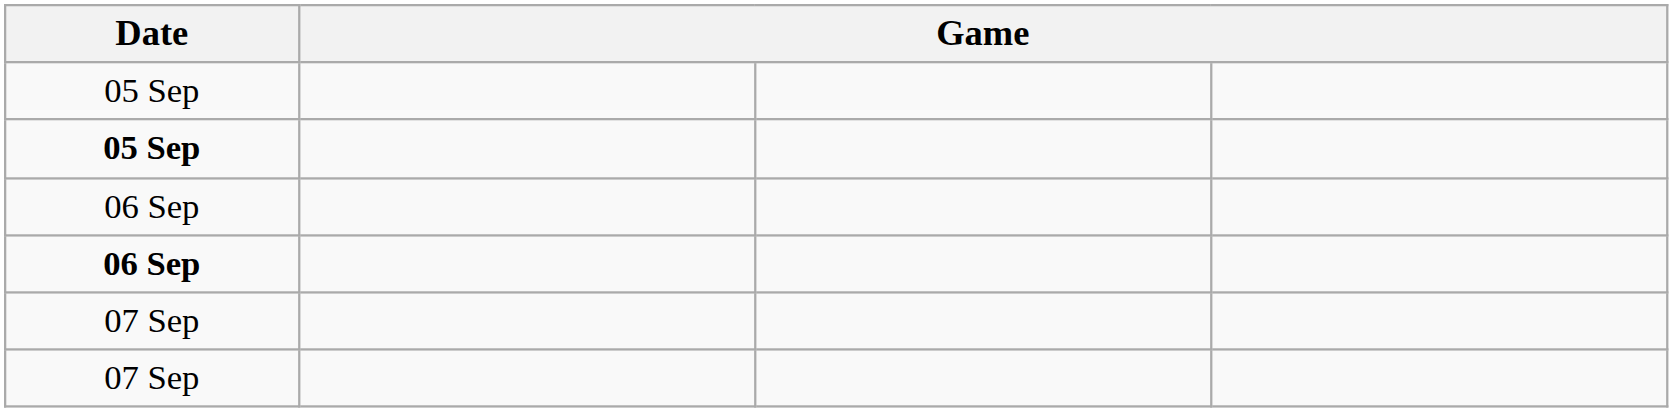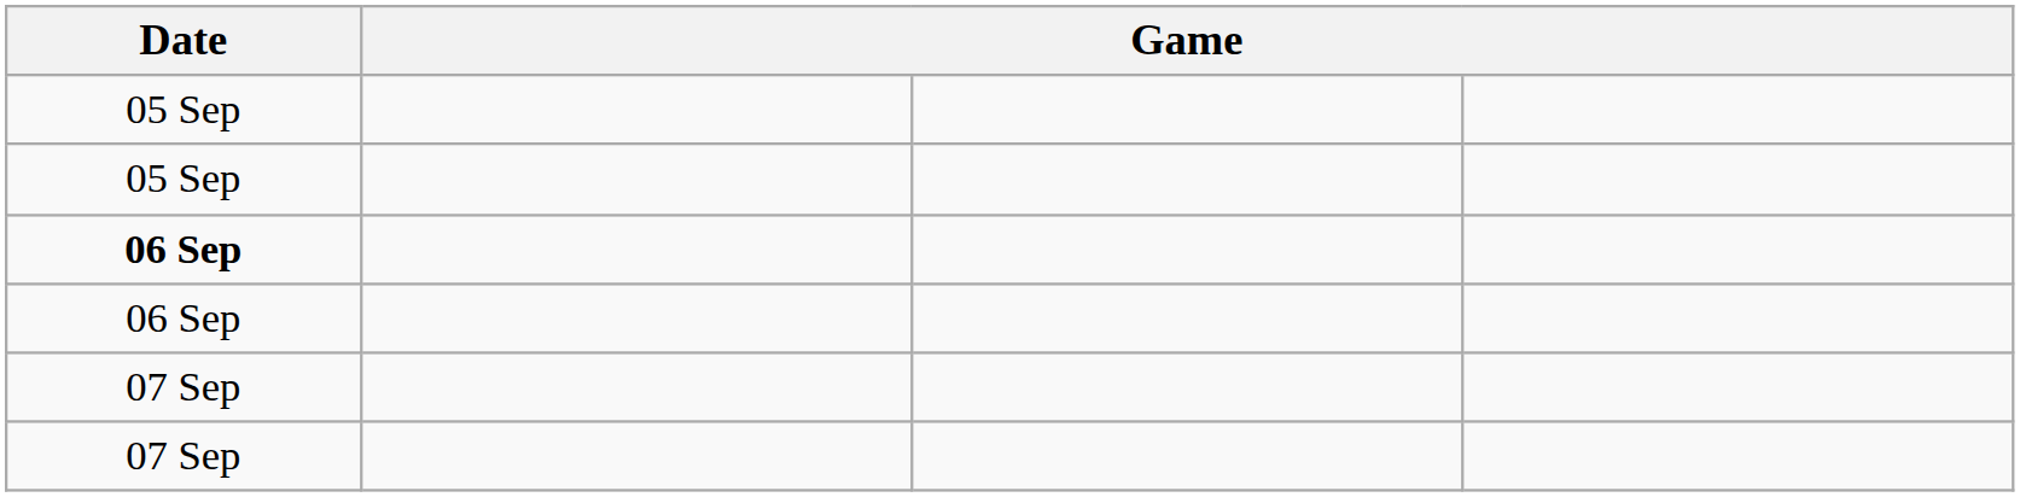 <table width=730 class="wikitable">
 <tr>
 <th width=15%>Date</th>
 <th width=70% colspan=3>Game</th>
 </tr>
 <tr style=font-size:95%>
 <td align=center>05 Sep</td>
 <td align=center><strong></strong></td>
 <td></td>
 <td></td>
 </tr>
 <tr style=font-size:95%>
-<td align=center><strong>05 Sep</strong></td>
+<td align=center>05 Sep</td>
+<td align=center></td>
+<td></td>
+<td></td>
+</tr>
+<tr style=font-size:95%>
+<td align=center><strong>06 Sep</strong></td>
 <td align=center></td>
 <td></td>
 <td></td>
 </tr>
 <tr style=font-size:95%>
 <td align=center>06 Sep</td>
-<td align=center></td>
-<td></td>
-<td></td>
-</tr>
-<tr style=font-size:95%>
-<td align=center><strong>06 Sep</strong></td>
 <td align=center></td>
 <td></td>
 <td></td>
 </tr>
 <tr style=font-size:95%>
 <td align=center>07 Sep</td>
 <td align=center><strong></strong></td>
 <td></td>
 <td></td>
 </tr>
 <tr style=font-size:95%>
 <td align=center>07 Sep</td>
 <td align=center><strong></strong></td>
 <td></td>
 <td></td>
 </tr>
 </table>
